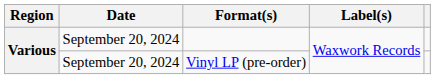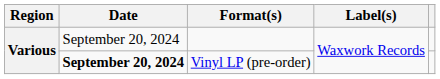 <table class="wikitable plainrowheaders">
 <tr>
 <th scope="col">Region</th>
 <th scope="col">Date</th>
 <th scope="col">Format(s)</th>
 <th scope="col">Label(s)</th>
 <th scope="col"></th>
 </tr>
 <tr>
 <th rowspan="2" scope="row">Various</th>
 <td>September 20, 2024</td>
 <td></td>
 <td rowspan="2"><a href='#'>Waxwork Records</a></td>
 <td style="text-align:center;"></td>
 </tr>
 <tr>
-<td>September 20, 2024</td>
+<td><strong>September 20, 2024</strong></td>
 <td><a href='#'>Vinyl LP</a> (pre-order)</td>
 <td style="text-align:center;"></td>
 </tr>
 </table>
